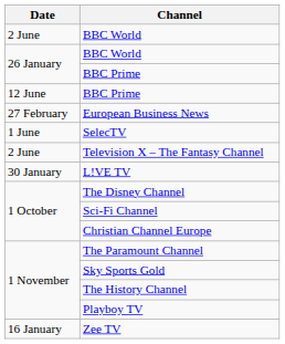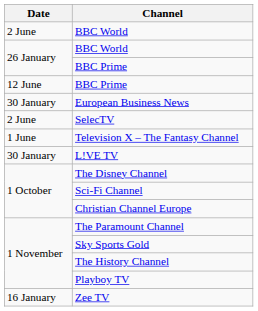 <table class="wikitable">
 <tr>
 <th width=90>Date</th>
 <th width=250>Channel</th>
 </tr>
 <tr>
 <td>2 June</td>
 <td><a href='#'>BBC World</a></td>
 </tr>
 <tr>
 <td rowspan="2">26 January</td>
 <td><a href='#'>BBC World</a></td>
 </tr>
 <tr>
 <td><a href='#'>BBC Prime</a></td>
 </tr>
 <tr>
 <td>12 June</td>
 <td><a href='#'>BBC Prime</a></td>
 </tr>
 <tr>
-<td>27 February</td>
+<td>30 January</td>
 <td><a href='#'>European Business News</a></td>
 </tr>
 <tr>
-<td>1 June</td>
+<td>2 June</td>
 <td><a href='#'>SelecTV</a></td>
 </tr>
 <tr>
-<td>2 June</td>
+<td>1 June</td>
 <td><a href='#'>Television X – The Fantasy Channel</a></td>
 </tr>
 <tr>
 <td>30 January</td>
 <td><a href='#'>L!VE TV</a></td>
 </tr>
 <tr>
 <td rowspan="3">1 October</td>
 <td><a href='#'>The Disney Channel</a></td>
 </tr>
 <tr>
 <td><a href='#'>Sci-Fi Channel</a></td>
 </tr>
 <tr>
 <td><a href='#'>Christian Channel Europe</a></td>
 </tr>
 <tr>
 <td rowspan="4">1 November</td>
 <td><a href='#'>The Paramount Channel</a></td>
 </tr>
 <tr>
 <td><a href='#'>Sky Sports Gold</a></td>
 </tr>
 <tr>
 <td><a href='#'>The History Channel</a></td>
 </tr>
 <tr>
 <td><a href='#'>Playboy TV</a></td>
 </tr>
 <tr>
 <td>16 January</td>
 <td><a href='#'>Zee TV</a></td>
 </tr>
 </table>
